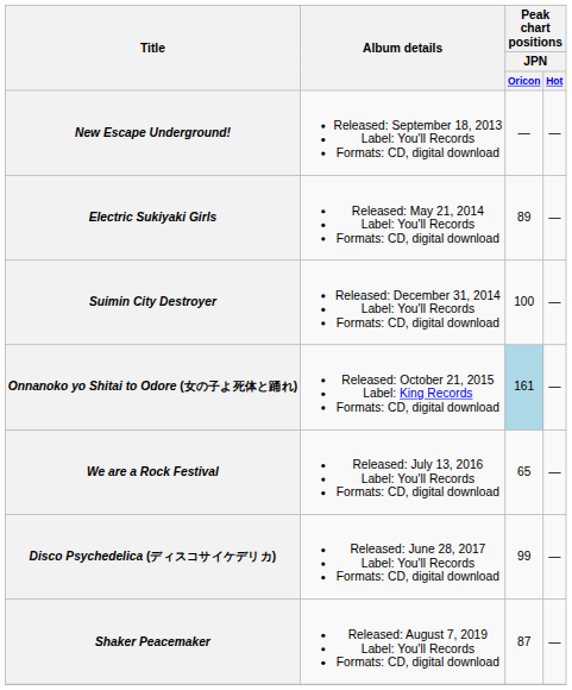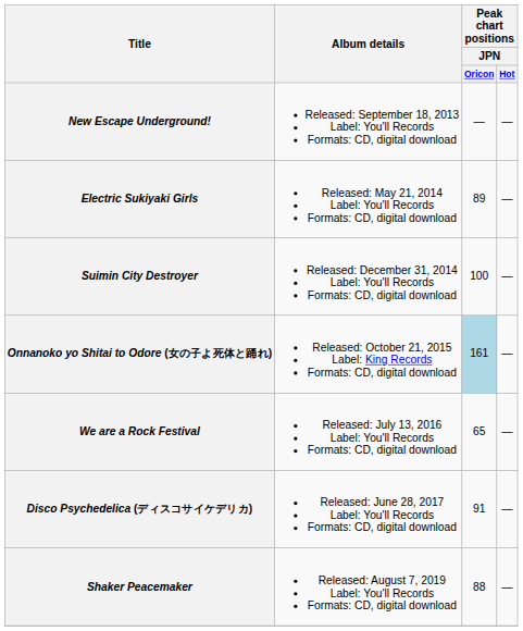 <table class="wikitable plainrowheaders" style="text-align:center;">
 <tr>
 <th scope="col" rowspan="3">Title</th>
 <th scope="col" rowspan="3">Album details</th>
 <th scope="col" colspan="2">Peak <br> chart <br> positions</th>
 </tr>
 <tr>
 <th colspan="2">JPN</th>
 </tr>
 <tr>
 <th scope="col" colspan="1"><small><a href='#'>Oricon</a></small></th>
 <th scope="col" colspan="1"><small><a href='#'>Hot</a></small></th>
 </tr>
 <tr>
 <th scope="row"><em>New Escape Underground!</em></th>
 <td><br><ul><li>Released: September 18, 2013</li><li>Label: You'll Records</li><li>Formats: CD, digital download</li></ul></td>
 <td>—</td>
 <td>—</td>
 </tr>
 <tr>
 <th scope="row"><em>Electric Sukiyaki Girls</em></th>
 <td><br><ul><li>Released: May 21, 2014</li><li>Label: You'll Records</li><li>Formats: CD, digital download</li></ul></td>
 <td>89</td>
 <td>—</td>
 </tr>
 <tr>
 <th scope="row"><em>Suimin City Destroyer</em></th>
 <td><br><ul><li>Released: December 31, 2014</li><li>Label: You'll Records</li><li>Formats: CD, digital download</li></ul></td>
 <td>100</td>
 <td>—</td>
 </tr>
 <tr>
 <th scope="row"><em>Onnanoko yo Shitai to Odore</em> (女の子よ死体と踊れ)</th>
 <td><br><ul><li>Released: October 21, 2015</li><li>Label: <a href='#'>King Records</a></li><li>Formats: CD, digital download</li></ul></td>
 <td style="background: lightblue;">161</td>
 <td>—</td>
 </tr>
 <tr>
 <th scope="row"><em>We are a Rock Festival</em></th>
 <td><br><ul><li>Released: July 13, 2016</li><li>Label: You'll Records</li><li>Formats: CD, digital download</li></ul></td>
 <td>65</td>
 <td>—</td>
 </tr>
 <tr>
 <th scope="row"><em>Disco Psychedelica</em> (ディスコサイケデリカ)</th>
 <td><br><ul><li>Released: June 28, 2017</li><li>Label: You'll Records</li><li>Formats: CD, digital download</li></ul></td>
-<td>99</td>
+<td>91</td>
 <td>—</td>
 </tr>
 <tr>
 <th scope="row"><em>Shaker Peacemaker</em></th>
 <td><br><ul><li>Released: August 7, 2019</li><li>Label: You'll Records</li><li>Formats: CD, digital download</li></ul></td>
-<td>87</td>
+<td>88</td>
 <td>—</td>
 </tr>
 <tr>
 </tr>
 </table>
